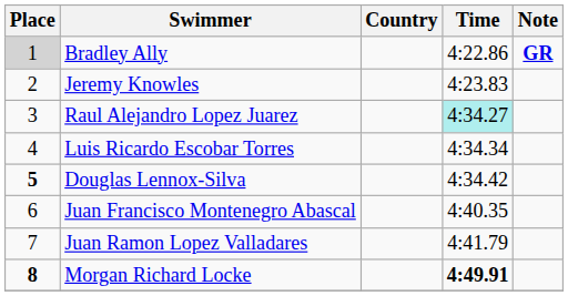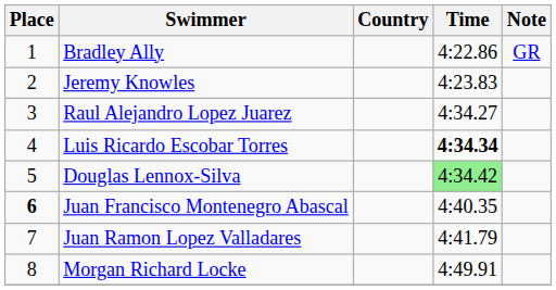 <table class="wikitable" style="text-align:center">
 <tr>
 <th>Place</th>
 <th>Swimmer</th>
 <th>Country</th>
 <th>Time</th>
 <th>Note</th>
 </tr>
 <tr>
-<td style="background: lightgrey;">1</td>
+<td>1</td>
 <td align=left><a href='#'>Bradley Ally</a></td>
 <td align=left></td>
 <td>4:22.86</td>
-<td><strong><a href='#'>GR</a></strong></td>
+<td><a href='#'>GR</a></td>
 </tr>
 <tr>
 <td>2</td>
 <td align=left><a href='#'>Jeremy Knowles</a></td>
 <td align=left></td>
 <td>4:23.83</td>
 <td></td>
 </tr>
 <tr>
 <td>3</td>
 <td align=left><a href='#'>Raul Alejandro Lopez Juarez</a></td>
 <td align=left></td>
-<td style="background: paleturquoise;">4:34.27</td>
+<td>4:34.27</td>
 <td></td>
 </tr>
 <tr>
 <td>4</td>
 <td align=left><a href='#'>Luis Ricardo Escobar Torres</a></td>
 <td align=left></td>
-<td>4:34.34</td>
+<td><strong>4:34.34</strong></td>
 <td></td>
 </tr>
 <tr>
-<td><strong>5</strong></td>
+<td>5</td>
 <td align=left><a href='#'>Douglas Lennox-Silva</a></td>
 <td align=left></td>
-<td>4:34.42</td>
+<td style="background: lightgreen;">4:34.42</td>
 <td></td>
 </tr>
 <tr>
-<td>6</td>
+<td><strong>6</strong></td>
 <td align=left><a href='#'>Juan Francisco Montenegro Abascal</a></td>
 <td align=left></td>
 <td>4:40.35</td>
 <td></td>
 </tr>
 <tr>
 <td>7</td>
 <td align=left><a href='#'>Juan Ramon Lopez Valladares</a></td>
 <td align=left></td>
 <td>4:41.79</td>
 <td></td>
 </tr>
 <tr>
-<td><strong>8</strong></td>
+<td>8</td>
 <td align=left><a href='#'>Morgan Richard Locke</a></td>
 <td align=left></td>
-<td><strong>4:49.91</strong></td>
+<td>4:49.91</td>
 <td></td>
 </tr>
 <tr>
 </tr>
 </table>
